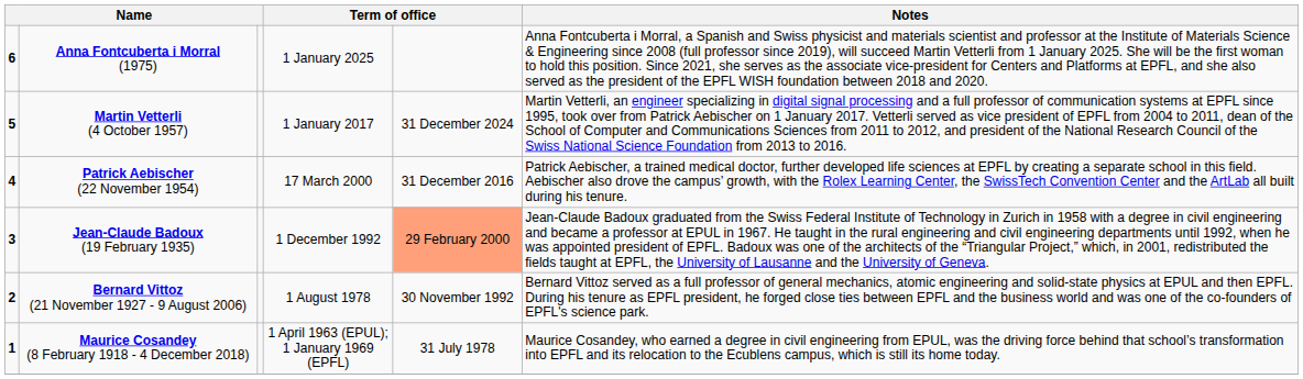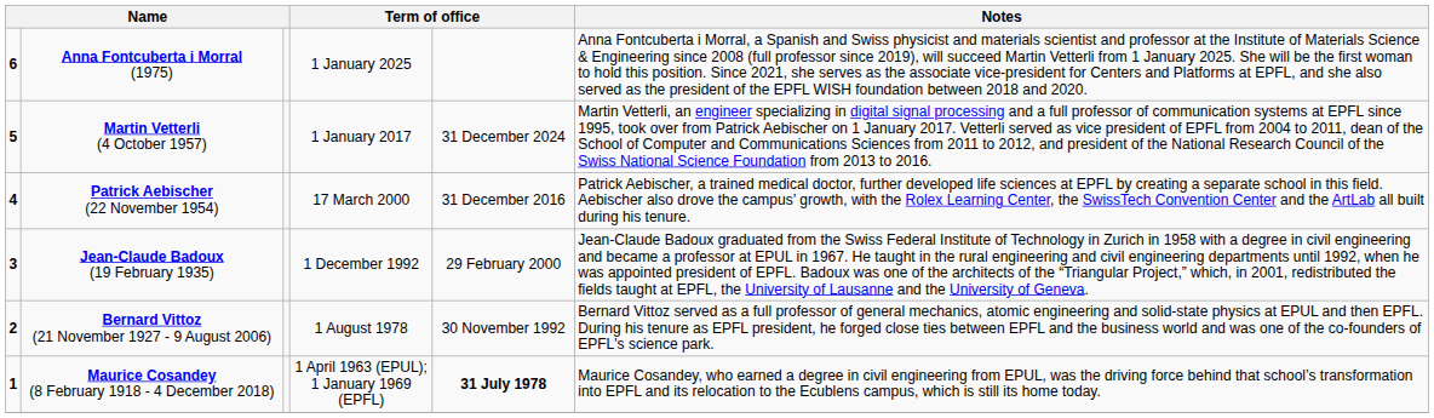 <table class="wikitable" style="text-align:center">
 <tr>
 <th scope=col colspan="3">Name</th>
 <th scope=col colspan="2">Term of office</th>
 <th scope=col width="60%">Notes</th>
 </tr>
 <tr>
 <td><strong>6</strong></td>
 <td><strong><a href='#'>Anna Fontcuberta i Morral</a></strong><br>(1975)</td>
 <td></td>
 <td width="10%">1 January 2025</td>
 <td width="10%"></td>
 <td align=left>Anna Fontcuberta i Morral, a Spanish and Swiss physicist and materials scientist and professor at the Institute of Materials Science & Engineering since 2008 (full professor since 2019), will succeed Martin Vetterli from 1 January 2025. She will be the first woman to hold this position. Since 2021, she serves as the associate vice-president for Centers and Platforms at EPFL, and she also served as the president of the EPFL WISH foundation between 2018 and 2020.</td>
 </tr>
 <tr>
 <td><strong>5</strong></td>
 <td><strong><a href='#'>Martin Vetterli</a></strong><br>(4 October 1957)</td>
 <td></td>
 <td width="10%">1 January 2017</td>
 <td width="10%">31 December 2024</td>
 <td align=left>Martin Vetterli, an <a href='#'>engineer</a> specializing in <a href='#'>digital signal processing</a> and a full professor of communication systems at EPFL since 1995, took over from Patrick Aebischer on 1 January 2017. Vetterli served as vice president of EPFL from 2004 to 2011, dean of the School of Computer and Communications Sciences from 2011 to 2012, and president of the National Research Council of the <a href='#'>Swiss National Science Foundation</a> from 2013 to 2016.</td>
 </tr>
 <tr>
 <td><strong>4</strong></td>
 <td><strong><a href='#'>Patrick Aebischer</a></strong><br>(22 November 1954)</td>
 <td></td>
 <td>17 March 2000</td>
 <td>31 December 2016</td>
 <td align=left>Patrick Aebischer, a trained medical doctor, further developed life sciences at EPFL by creating a separate school in this field. Aebischer also drove the campus’ growth, with the <a href='#'>Rolex Learning Center</a>, the <a href='#'>SwissTech Convention Center</a> and the <a href='#'>ArtLab</a> all built during his tenure.</td>
 </tr>
 <tr>
 <td><strong>3</strong></td>
 <td><strong><a href='#'>Jean-Claude Badoux</a></strong><br>(19 February 1935)</td>
 <td></td>
 <td>1 December 1992</td>
-<td style="background: lightsalmon;">29 February 2000</td>
+<td>29 February 2000</td>
 <td align=left>Jean-Claude Badoux graduated from the Swiss Federal Institute of Technology in Zurich in 1958 with a degree in civil engineering and became a professor at EPUL in 1967. He taught in the rural engineering and civil engineering departments until 1992, when he was appointed president of EPFL. Badoux was one of the architects of the “Triangular Project,” which, in 2001, redistributed the fields taught at EPFL, the <a href='#'>University of Lausanne</a> and the <a href='#'>University of Geneva</a>.</td>
 </tr>
 <tr>
 <td><strong>2</strong></td>
 <td><strong><a href='#'>Bernard Vittoz</a></strong><br>(21 November 1927 - 9 August 2006)</td>
 <td></td>
 <td>1 August 1978</td>
 <td>30 November 1992</td>
 <td align=left>Bernard Vittoz served as a full professor of general mechanics, atomic engineering and solid-state physics at EPUL and then EPFL. During his tenure as EPFL president, he forged close ties between EPFL and the business world and was one of the co-founders of EPFL's science park.</td>
 </tr>
 <tr>
 <td><strong>1</strong></td>
 <td><strong><a href='#'>Maurice Cosandey</a></strong><br>(8 February 1918 - 4 December 2018)</td>
 <td></td>
 <td>1 April 1963 (EPUL); 1 January 1969 (EPFL)</td>
-<td>31 July 1978</td>
+<td><strong>31 July 1978</strong></td>
 <td align=left>Maurice Cosandey, who earned a degree in civil engineering from EPUL, was the driving force behind that school’s transformation into EPFL and its relocation to the Ecublens campus, which is still its home today.</td>
 </tr>
 <tr>
 </tr>
 </table>
